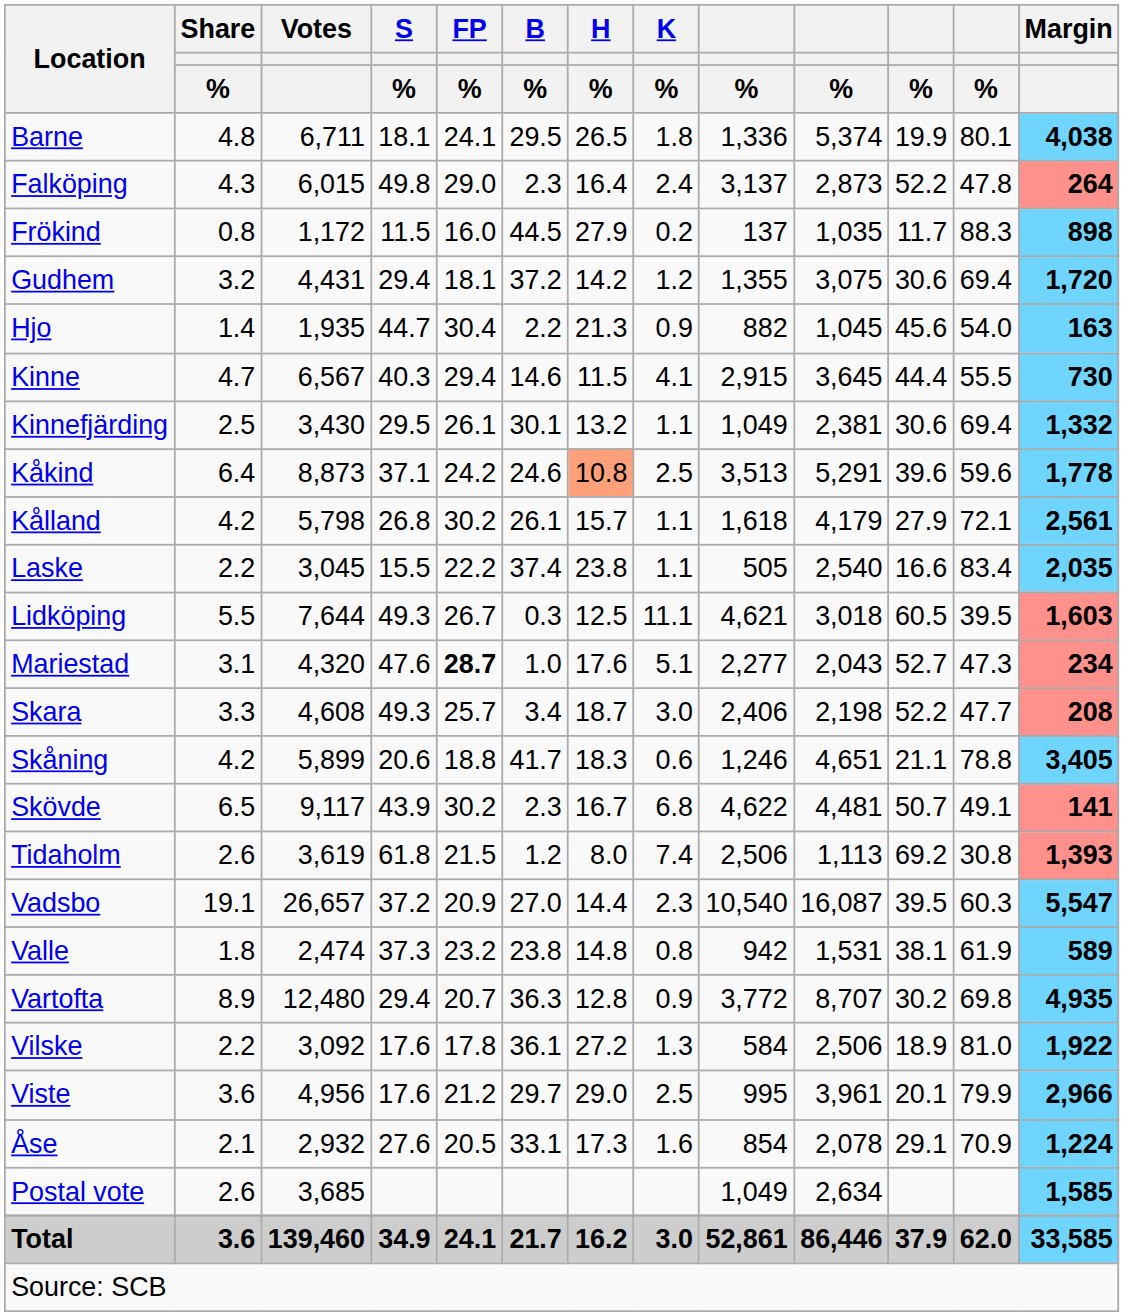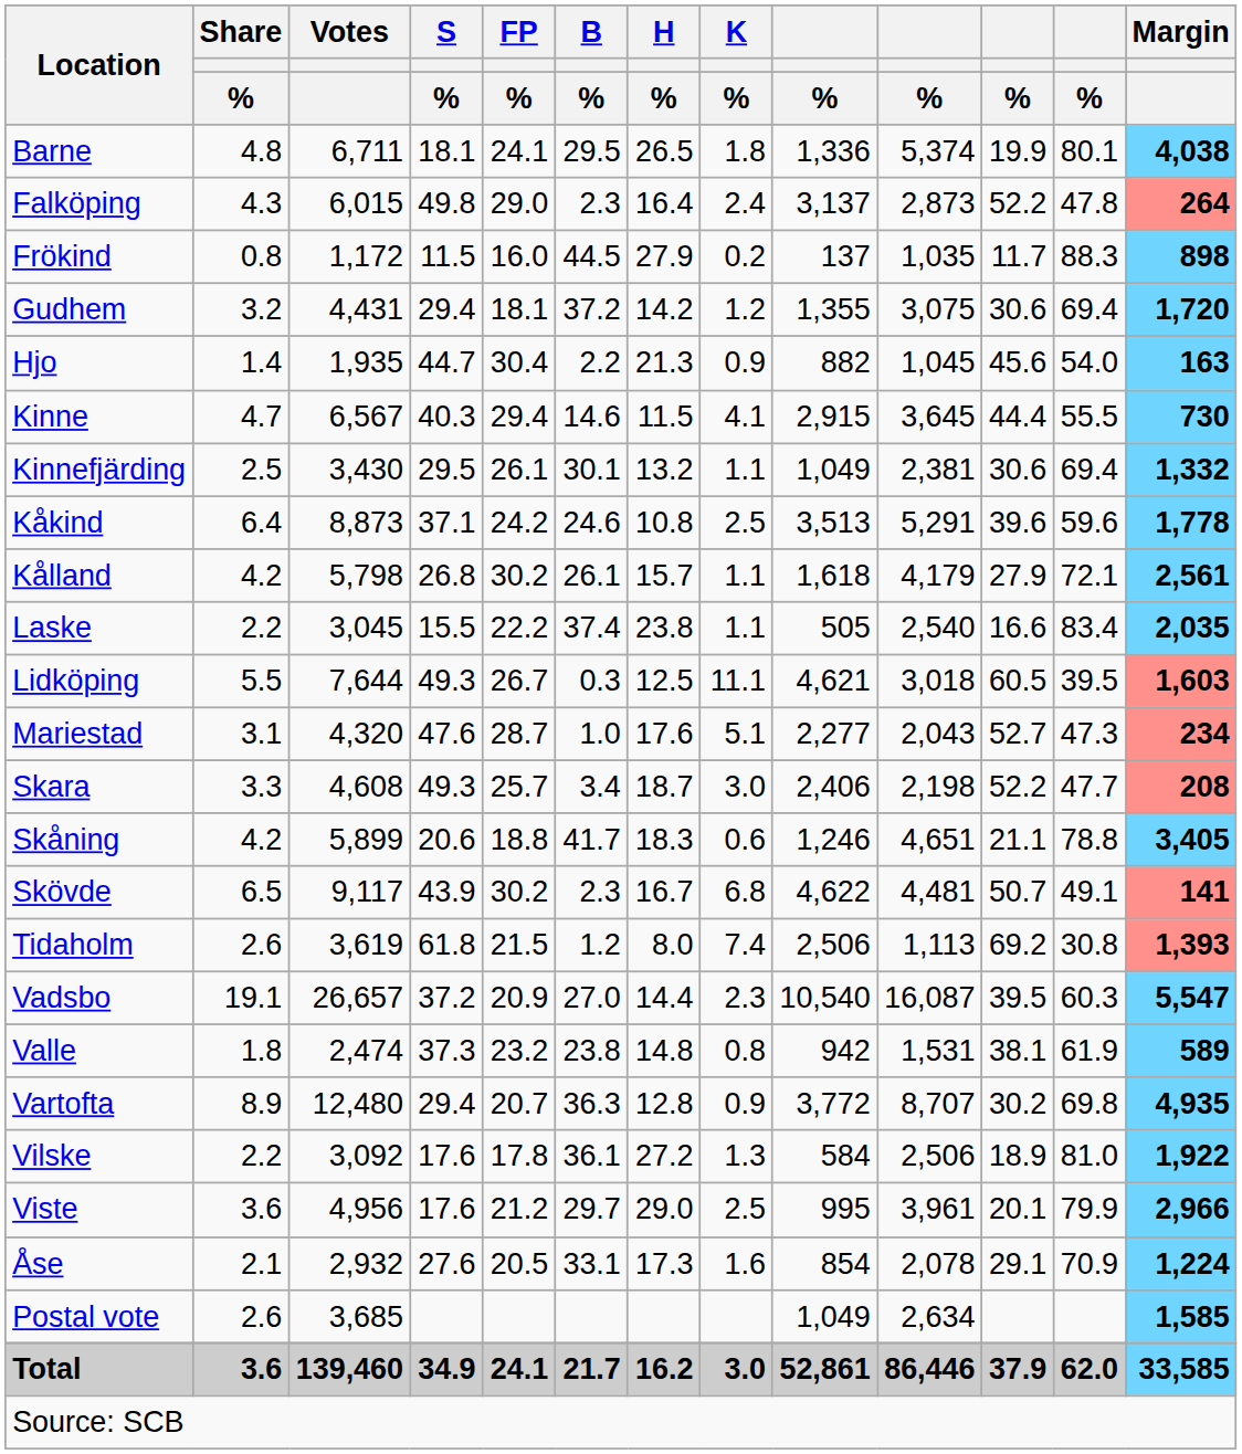 <table class="wikitable sortable" style="text-align:right; font-size:95%; line-height:20px;">
 <tr>
 <th rowspan="3">Location</th>
 <th>Share</th>
 <th>Votes</th>
 <th width="30px" class="unsortable"><a href='#'>S</a></th>
 <th width="30px" class="unsortable"><a href='#'>FP</a></th>
 <th width="30px" class="unsortable"><a href='#'>B</a></th>
 <th width="30px" class="unsortable"><a href='#'>H</a></th>
 <th width="30px" class="unsortable"><a href='#'>K</a></th>
 <th></th>
 <th></th>
 <th></th>
 <th></th>
 <th>Margin</th>
 </tr>
 <tr>
 <th></th>
 <th></th>
 <th style="background:"></th>
 <th style="background:"></th>
 <th style="background:"></th>
 <th style="background:"></th>
 <th style="background:"></th>
 <th style="background:"></th>
 <th style="background:"></th>
 <th style="background:"></th>
 <th style="background:"></th>
 <th></th>
 </tr>
 <tr>
 <th data-sort-type="number">%</th>
 <th></th>
 <th data-sort-type="number">%</th>
 <th data-sort-type="number">%</th>
 <th data-sort-type="number">%</th>
 <th data-sort-type="number">%</th>
 <th data-sort-type="number">%</th>
 <th data-sort-type="number">%</th>
 <th data-sort-type="number">%</th>
 <th data-sort-type="number">%</th>
 <th data-sort-type="number">%</th>
 <th data-sort-type="number"></th>
 </tr>
 <tr>
 <td align=left><a href='#'>Barne</a></td>
 <td>4.8</td>
 <td>6,711</td>
 <td>18.1</td>
 <td>24.1</td>
 <td>29.5</td>
 <td>26.5</td>
 <td>1.8</td>
 <td>1,336</td>
 <td>5,374</td>
 <td>19.9</td>
 <td>80.1</td>
 <td bgcolor=#6fd5fe><strong>4,038</strong></td>
 </tr>
 <tr>
 <td align=left><a href='#'>Falköping</a></td>
 <td>4.3</td>
 <td>6,015</td>
 <td>49.8</td>
 <td>29.0</td>
 <td>2.3</td>
 <td>16.4</td>
 <td>2.4</td>
 <td>3,137</td>
 <td>2,873</td>
 <td>52.2</td>
 <td>47.8</td>
 <td bgcolor=#ff908c><strong>264</strong></td>
 </tr>
 <tr>
 <td align=left><a href='#'>Frökind</a></td>
 <td>0.8</td>
 <td>1,172</td>
 <td>11.5</td>
 <td>16.0</td>
 <td>44.5</td>
 <td>27.9</td>
 <td>0.2</td>
 <td>137</td>
 <td>1,035</td>
 <td>11.7</td>
 <td>88.3</td>
 <td bgcolor=#6fd5fe><strong>898</strong></td>
 </tr>
 <tr>
 <td align=left><a href='#'>Gudhem</a></td>
 <td>3.2</td>
 <td>4,431</td>
 <td>29.4</td>
 <td>18.1</td>
 <td>37.2</td>
 <td>14.2</td>
 <td>1.2</td>
 <td>1,355</td>
 <td>3,075</td>
 <td>30.6</td>
 <td>69.4</td>
 <td bgcolor=#6fd5fe><strong>1,720</strong></td>
 </tr>
 <tr>
 <td align=left><a href='#'>Hjo</a></td>
 <td>1.4</td>
 <td>1,935</td>
 <td>44.7</td>
 <td>30.4</td>
 <td>2.2</td>
 <td>21.3</td>
 <td>0.9</td>
 <td>882</td>
 <td>1,045</td>
 <td>45.6</td>
 <td>54.0</td>
 <td bgcolor=#6fd5fe><strong>163</strong></td>
 </tr>
 <tr>
 <td align=left><a href='#'>Kinne</a></td>
 <td>4.7</td>
 <td>6,567</td>
 <td>40.3</td>
 <td>29.4</td>
 <td>14.6</td>
 <td>11.5</td>
 <td>4.1</td>
 <td>2,915</td>
 <td>3,645</td>
 <td>44.4</td>
 <td>55.5</td>
 <td bgcolor=#6fd5fe><strong>730</strong></td>
 </tr>
 <tr>
 <td align=left><a href='#'>Kinnefjärding</a></td>
 <td>2.5</td>
 <td>3,430</td>
 <td>29.5</td>
 <td>26.1</td>
 <td>30.1</td>
 <td>13.2</td>
 <td>1.1</td>
 <td>1,049</td>
 <td>2,381</td>
 <td>30.6</td>
 <td>69.4</td>
 <td bgcolor=#6fd5fe><strong>1,332</strong></td>
 </tr>
 <tr>
 <td align=left><a href='#'>Kåkind</a></td>
 <td>6.4</td>
 <td>8,873</td>
 <td>37.1</td>
 <td>24.2</td>
 <td>24.6</td>
-<td style="background: lightsalmon;">10.8</td>
+<td>10.8</td>
 <td>2.5</td>
 <td>3,513</td>
 <td>5,291</td>
 <td>39.6</td>
 <td>59.6</td>
 <td bgcolor=#6fd5fe><strong>1,778</strong></td>
 </tr>
 <tr>
 <td align=left><a href='#'>Kålland</a></td>
 <td>4.2</td>
 <td>5,798</td>
 <td>26.8</td>
 <td>30.2</td>
 <td>26.1</td>
 <td>15.7</td>
 <td>1.1</td>
 <td>1,618</td>
 <td>4,179</td>
 <td>27.9</td>
 <td>72.1</td>
 <td bgcolor=#6fd5fe><strong>2,561</strong></td>
 </tr>
 <tr>
 <td align=left><a href='#'>Laske</a></td>
 <td>2.2</td>
 <td>3,045</td>
 <td>15.5</td>
 <td>22.2</td>
 <td>37.4</td>
 <td>23.8</td>
 <td>1.1</td>
 <td>505</td>
 <td>2,540</td>
 <td>16.6</td>
 <td>83.4</td>
 <td bgcolor=#6fd5fe><strong>2,035</strong></td>
 </tr>
 <tr>
 <td align=left><a href='#'>Lidköping</a></td>
 <td>5.5</td>
 <td>7,644</td>
 <td>49.3</td>
 <td>26.7</td>
 <td>0.3</td>
 <td>12.5</td>
 <td>11.1</td>
 <td>4,621</td>
 <td>3,018</td>
 <td>60.5</td>
 <td>39.5</td>
 <td bgcolor=#ff908c><strong>1,603</strong></td>
 </tr>
 <tr>
 <td align=left><a href='#'>Mariestad</a></td>
 <td>3.1</td>
 <td>4,320</td>
 <td>47.6</td>
-<td><strong>28.7</strong></td>
+<td>28.7</td>
 <td>1.0</td>
 <td>17.6</td>
 <td>5.1</td>
 <td>2,277</td>
 <td>2,043</td>
 <td>52.7</td>
 <td>47.3</td>
 <td bgcolor=#ff908c><strong>234</strong></td>
 </tr>
 <tr>
 <td align=left><a href='#'>Skara</a></td>
 <td>3.3</td>
 <td>4,608</td>
 <td>49.3</td>
 <td>25.7</td>
 <td>3.4</td>
 <td>18.7</td>
 <td>3.0</td>
 <td>2,406</td>
 <td>2,198</td>
 <td>52.2</td>
 <td>47.7</td>
 <td bgcolor=#ff908c><strong>208</strong></td>
 </tr>
 <tr>
 <td align=left><a href='#'>Skåning</a></td>
 <td>4.2</td>
 <td>5,899</td>
 <td>20.6</td>
 <td>18.8</td>
 <td>41.7</td>
 <td>18.3</td>
 <td>0.6</td>
 <td>1,246</td>
 <td>4,651</td>
 <td>21.1</td>
 <td>78.8</td>
 <td bgcolor=#6fd5fe><strong>3,405</strong></td>
 </tr>
 <tr>
 <td align=left><a href='#'>Skövde</a></td>
 <td>6.5</td>
 <td>9,117</td>
 <td>43.9</td>
 <td>30.2</td>
 <td>2.3</td>
 <td>16.7</td>
 <td>6.8</td>
 <td>4,622</td>
 <td>4,481</td>
 <td>50.7</td>
 <td>49.1</td>
 <td bgcolor=#ff908c><strong>141</strong></td>
 </tr>
 <tr>
 <td align=left><a href='#'>Tidaholm</a></td>
 <td>2.6</td>
 <td>3,619</td>
 <td>61.8</td>
 <td>21.5</td>
 <td>1.2</td>
 <td>8.0</td>
 <td>7.4</td>
 <td>2,506</td>
 <td>1,113</td>
 <td>69.2</td>
 <td>30.8</td>
 <td bgcolor=#ff908c><strong>1,393</strong></td>
 </tr>
 <tr>
 <td align=left><a href='#'>Vadsbo</a></td>
 <td>19.1</td>
 <td>26,657</td>
 <td>37.2</td>
 <td>20.9</td>
 <td>27.0</td>
 <td>14.4</td>
 <td>2.3</td>
 <td>10,540</td>
 <td>16,087</td>
 <td>39.5</td>
 <td>60.3</td>
 <td bgcolor=#6fd5fe><strong>5,547</strong></td>
 </tr>
 <tr>
 <td align=left><a href='#'>Valle</a></td>
 <td>1.8</td>
 <td>2,474</td>
 <td>37.3</td>
 <td>23.2</td>
 <td>23.8</td>
 <td>14.8</td>
 <td>0.8</td>
 <td>942</td>
 <td>1,531</td>
 <td>38.1</td>
 <td>61.9</td>
 <td bgcolor=#6fd5fe><strong>589</strong></td>
 </tr>
 <tr>
 <td align=left><a href='#'>Vartofta</a></td>
 <td>8.9</td>
 <td>12,480</td>
 <td>29.4</td>
 <td>20.7</td>
 <td>36.3</td>
 <td>12.8</td>
 <td>0.9</td>
 <td>3,772</td>
 <td>8,707</td>
 <td>30.2</td>
 <td>69.8</td>
 <td bgcolor=#6fd5fe><strong>4,935</strong></td>
 </tr>
 <tr>
 <td align=left><a href='#'>Vilske</a></td>
 <td>2.2</td>
 <td>3,092</td>
 <td>17.6</td>
 <td>17.8</td>
 <td>36.1</td>
 <td>27.2</td>
 <td>1.3</td>
 <td>584</td>
 <td>2,506</td>
 <td>18.9</td>
 <td>81.0</td>
 <td bgcolor=#6fd5fe><strong>1,922</strong></td>
 </tr>
 <tr>
 <td align=left><a href='#'>Viste</a></td>
 <td>3.6</td>
 <td>4,956</td>
 <td>17.6</td>
 <td>21.2</td>
 <td>29.7</td>
 <td>29.0</td>
 <td>2.5</td>
 <td>995</td>
 <td>3,961</td>
 <td>20.1</td>
 <td>79.9</td>
 <td bgcolor=#6fd5fe><strong>2,966</strong></td>
 </tr>
 <tr>
 <td align=left><a href='#'>Åse</a></td>
 <td>2.1</td>
 <td>2,932</td>
 <td>27.6</td>
 <td>20.5</td>
 <td>33.1</td>
 <td>17.3</td>
 <td>1.6</td>
 <td>854</td>
 <td>2,078</td>
 <td>29.1</td>
 <td>70.9</td>
 <td bgcolor=#6fd5fe><strong>1,224</strong></td>
 </tr>
 <tr>
 <td align=left><a href='#'>Postal vote</a></td>
 <td>2.6</td>
 <td>3,685</td>
 <td></td>
 <td></td>
 <td></td>
 <td></td>
 <td></td>
 <td>1,049</td>
 <td>2,634</td>
 <td></td>
 <td></td>
 <td bgcolor=#6fd5fe><strong>1,585</strong></td>
 </tr>
 <tr>
 </tr>
 <tr style="background:#CDCDCD;">
 <td align=left><strong>Total</strong></td>
 <td><strong>3.6</strong></td>
 <td><strong>139,460</strong></td>
 <td><strong>34.9</strong></td>
 <td><strong>24.1</strong></td>
 <td><strong>21.7</strong></td>
 <td><strong>16.2</strong></td>
 <td><strong>3.0</strong></td>
 <td><strong>52,861</strong></td>
 <td><strong>86,446</strong></td>
 <td><strong>37.9</strong></td>
 <td><strong>62.0</strong></td>
 <td bgcolor=#6fd5fe><strong>33,585</strong></td>
 </tr>
 <tr>
 <td align=left colspan=13>Source: SCB </td>
 </tr>
 </table>
